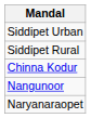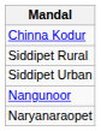 <table class="wikitable sortable static-row-numbers static-row-header-hash">
 <tr>
 <th>Mandal</th>
 </tr>
 <tr>
-<td>Siddipet Urban</td>
+<td><a href='#'>Chinna Kodur</a></td>
 </tr>
 <tr>
 <td>Siddipet Rural</td>
 </tr>
 <tr>
-<td><a href='#'>Chinna Kodur</a></td>
+<td>Siddipet Urban</td>
 </tr>
 <tr>
 <td><a href='#'>Nangunoor</a></td>
 </tr>
 <tr>
 <td>Naryanaraopet</td>
 </tr>
 </table>
